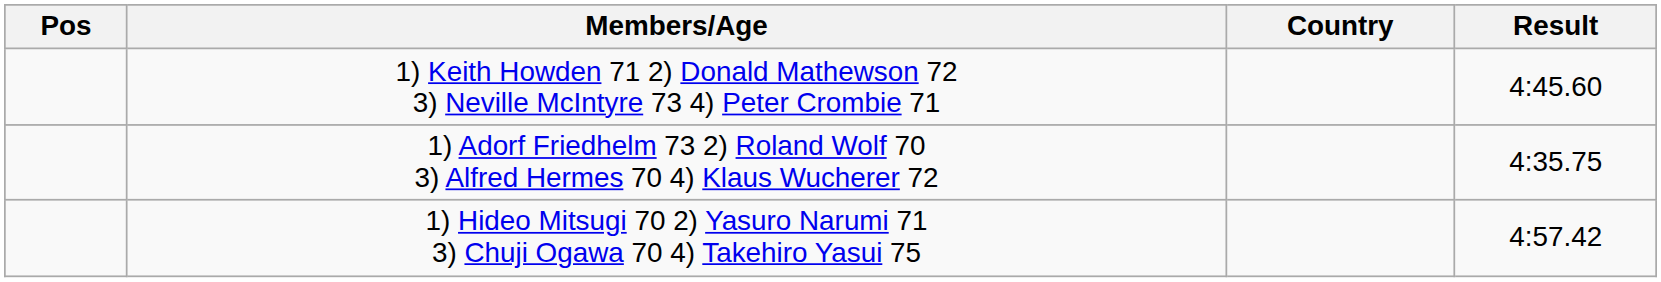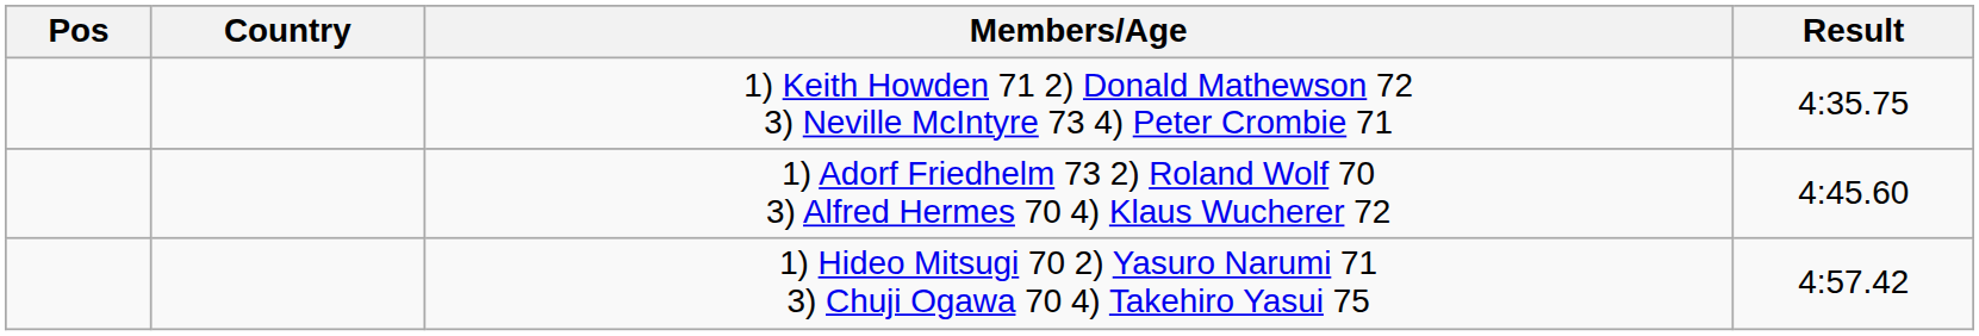 <table class="wikitable"  style="text-align:center; width:60%;">
 <tr>
 <th>Pos</th>
+<th>Country</th>
 <th>Members/Age</th>
-<th>Country</th>
 <th>Result</th>
 </tr>
 <tr>
 <td align=center></td>
+<td align=left></td>
 <td>1) <a href='#'>Keith Howden</a> 71 2) <a href='#'>Donald Mathewson</a> 72<br>3) <a href='#'>Neville McIntyre</a> 73 4) <a href='#'>Peter Crombie</a> 71</td>
+<td>4:35.75</td>
+</tr>
+<tr>
+<td align=center></td>
 <td align=left></td>
+<td>1) <a href='#'>Adorf Friedhelm</a> 73 2) <a href='#'>Roland Wolf</a> 70<br>3) <a href='#'>Alfred Hermes</a> 70 4) <a href='#'>Klaus Wucherer</a> 72</td>
 <td>4:45.60</td>
 </tr>
 <tr>
 <td align=center></td>
-<td>1) <a href='#'>Adorf Friedhelm</a> 73 2) <a href='#'>Roland Wolf</a> 70<br>3) <a href='#'>Alfred Hermes</a> 70 4) <a href='#'>Klaus Wucherer</a> 72</td>
 <td align=left></td>
-<td>4:35.75</td>
-</tr>
-<tr>
-<td align=center></td>
 <td>1) <a href='#'>Hideo Mitsugi</a> 70 2) <a href='#'>Yasuro Narumi</a> 71<br>3) <a href='#'>Chuji Ogawa</a> 70 4) <a href='#'>Takehiro Yasui</a> 75</td>
-<td align=left></td>
 <td>4:57.42</td>
 </tr>
 </table>
